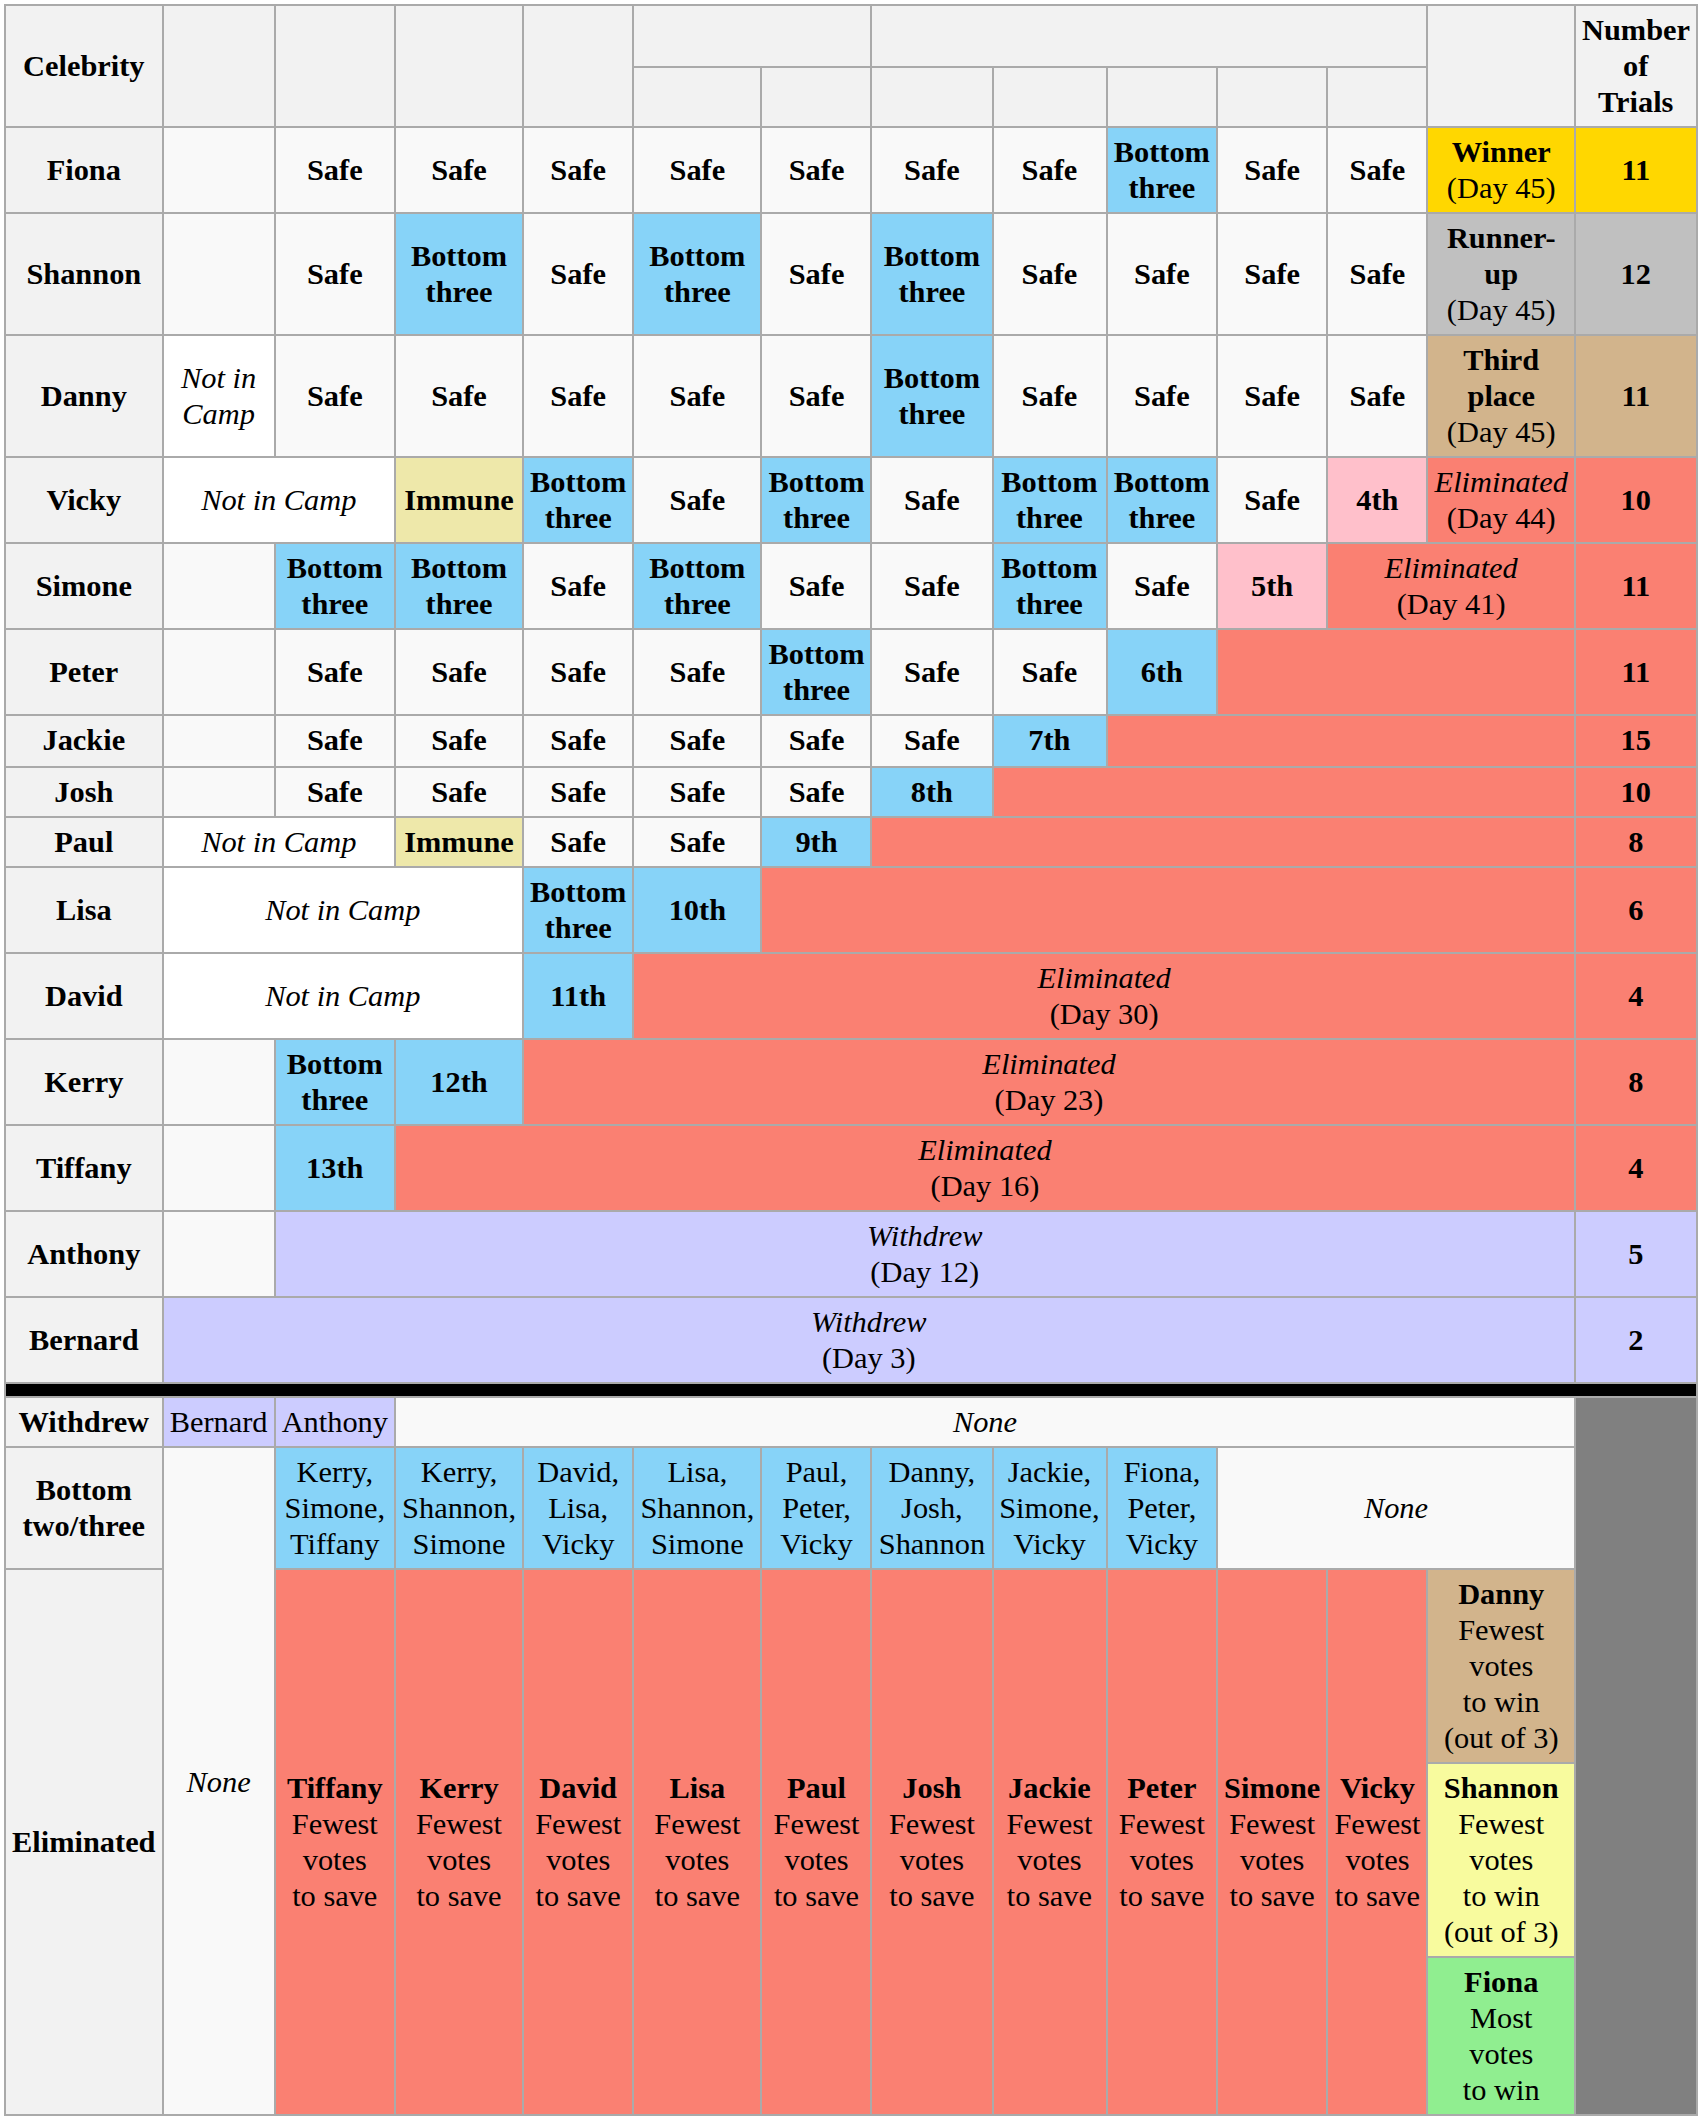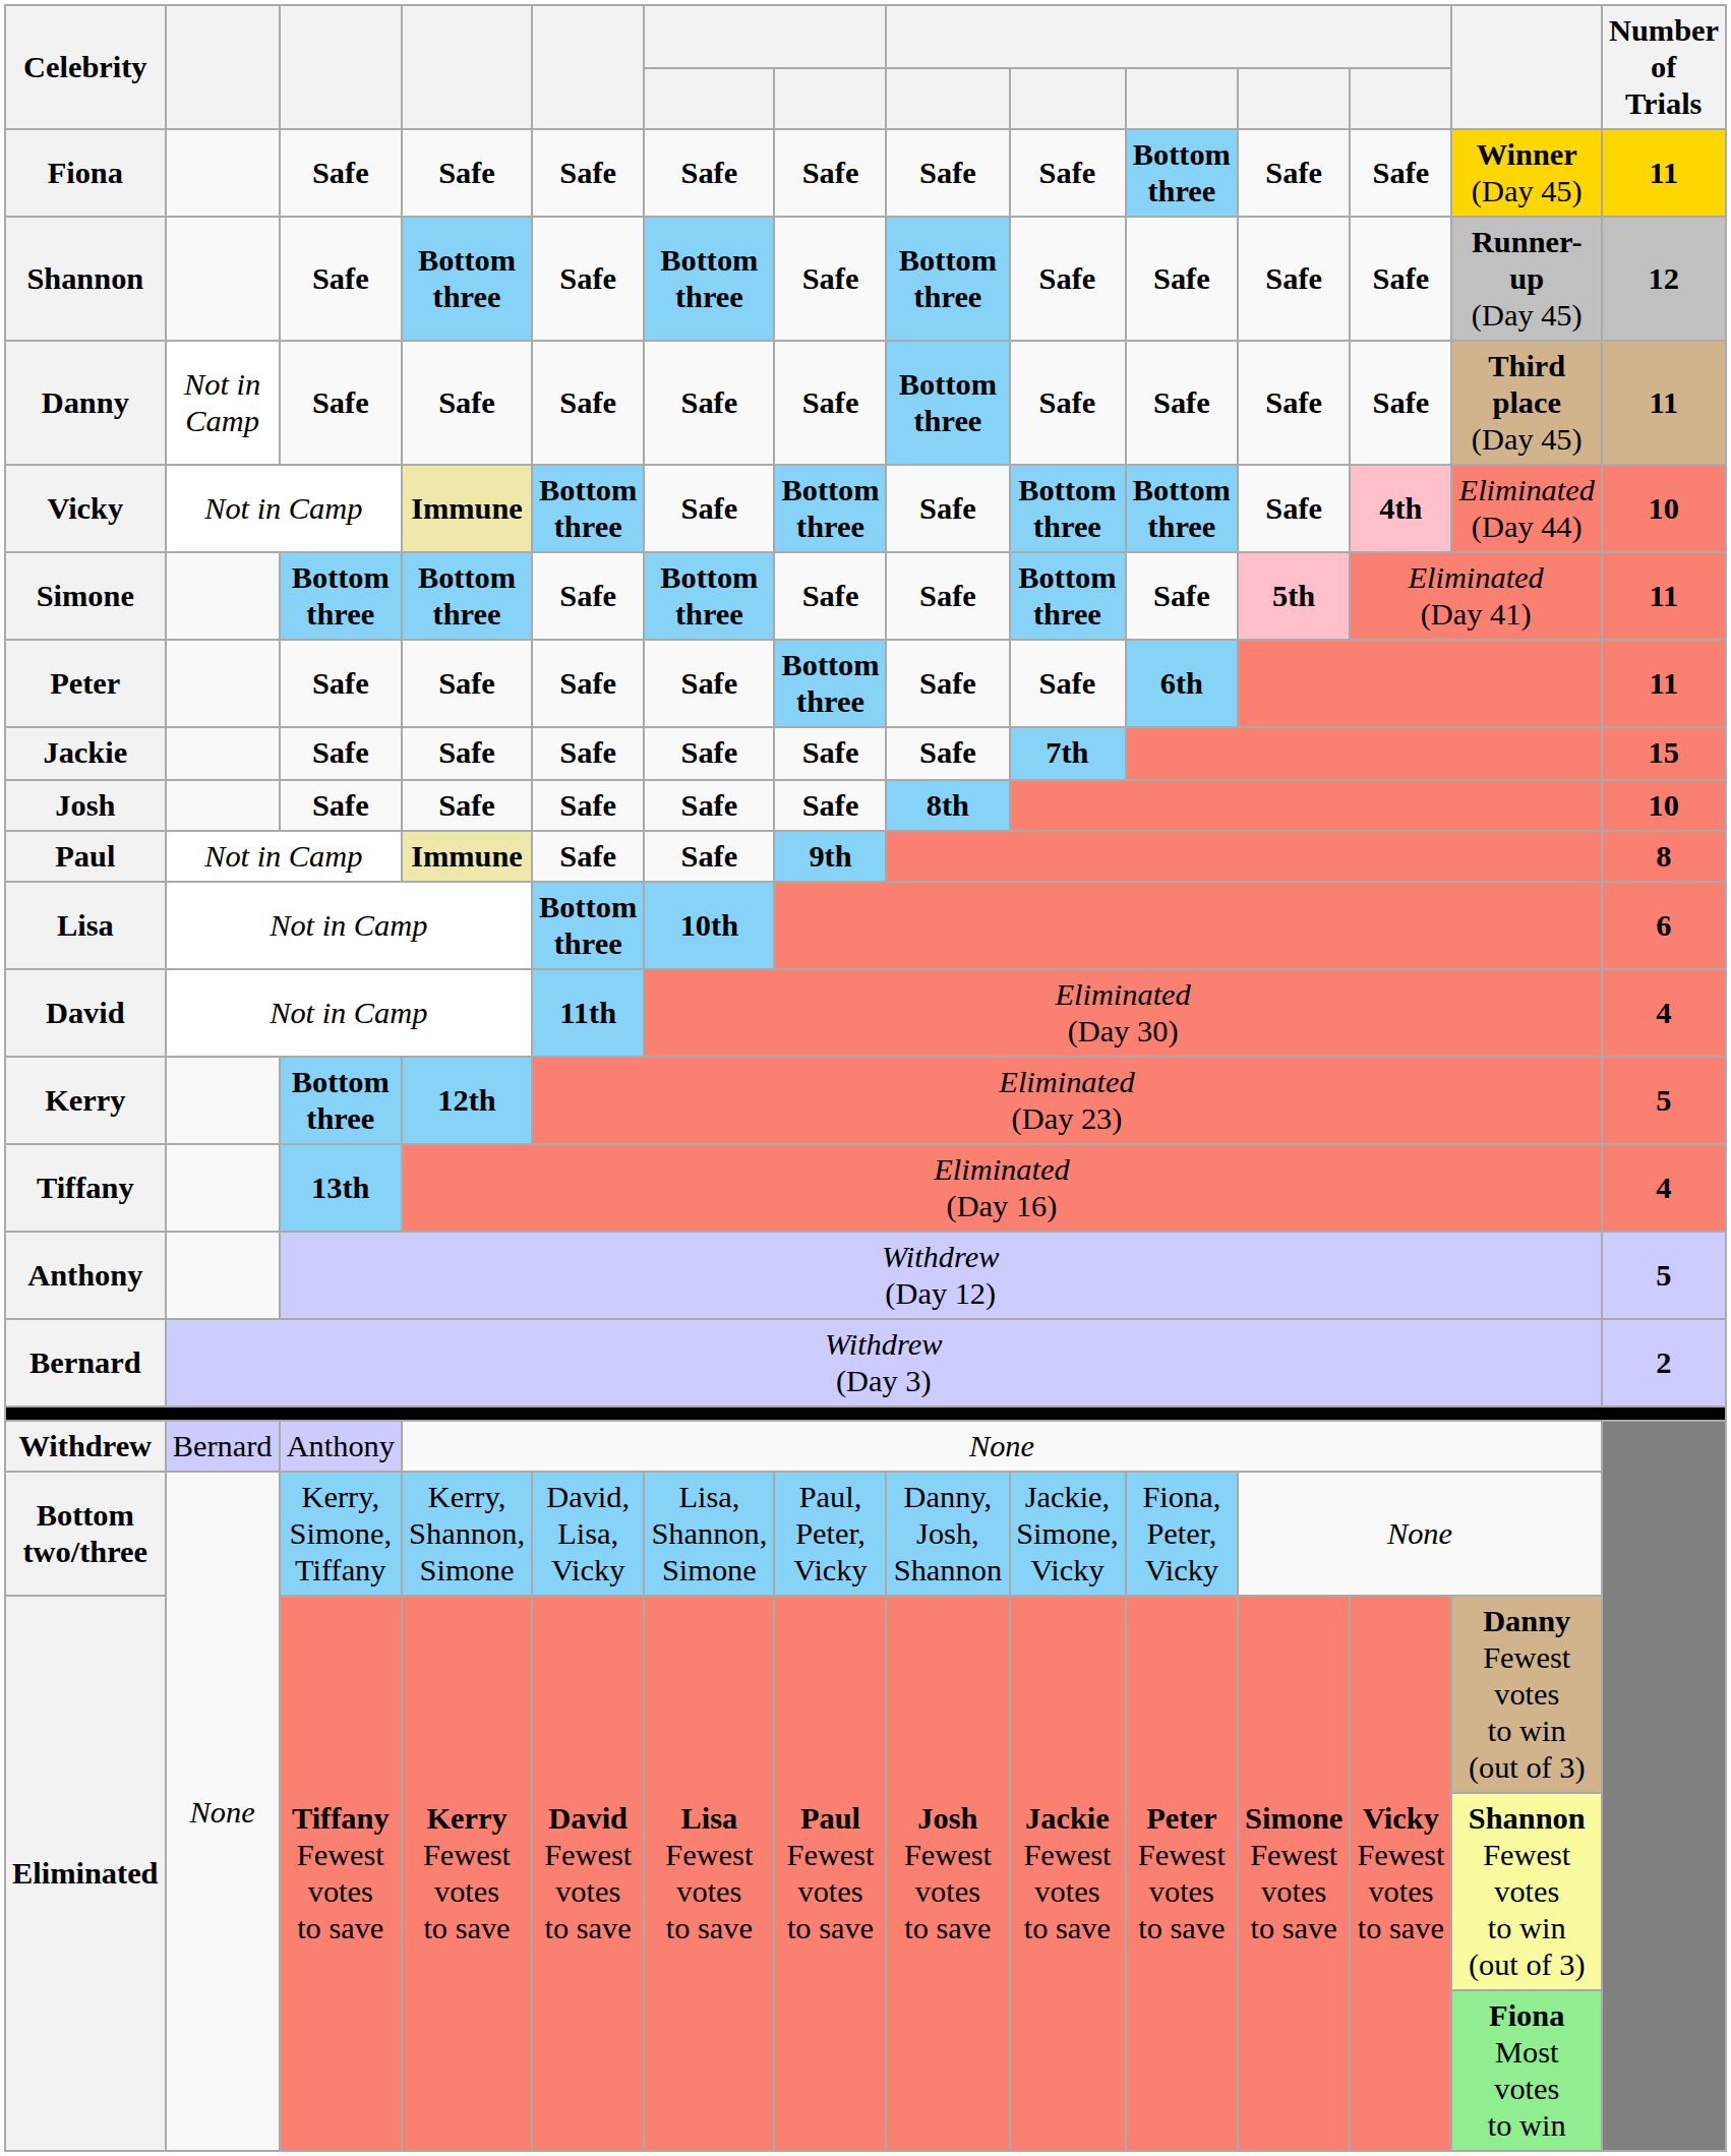 <table class="wikitable" style="text-align:center; font-size:95%; width:100%;">
 <tr>
 <th rowspan="2" style="width:8%">Celebrity</th>
 <th rowspan="2" style="width:8%"></th>
 <th rowspan="2" style="width:8%"></th>
 <th rowspan="2" style="width:8%"></th>
 <th rowspan="2" style="width:8%"></th>
 <th colspan="2" style="width:8%"></th>
 <th colspan="5" style="width:8%"></th>
 <th rowspan="2" style="width:8%"></th>
 <th rowspan="2" style="width:8%">Number of Trials</th>
 </tr>
 <tr>
 <th style="width:8%"></th>
 <th style="width:8%"></th>
 <th style="width:8%"></th>
 <th style="width:8%"></th>
 <th style="width:8%"></th>
 <th style="width:8%"></th>
 <th style="width:8%"></th>
 </tr>
 <tr>
 <th>Fiona</th>
 <td></td>
 <td><strong>Safe</strong></td>
 <td><strong>Safe</strong></td>
 <td><strong>Safe</strong></td>
 <td><strong>Safe</strong></td>
 <td><strong>Safe</strong></td>
 <td><strong>Safe</strong></td>
 <td><strong>Safe</strong></td>
 <td style="background:#87D3F8"><strong>Bottom three</strong></td>
 <td><strong>Safe</strong></td>
 <td><strong>Safe</strong></td>
 <td style=background:gold><strong>Winner</strong><br>(Day 45)</td>
 <td style=background:gold><strong>11</strong></td>
 </tr>
 <tr>
 <th>Shannon</th>
 <td></td>
 <td><strong>Safe</strong></td>
 <td style="background:#87D3F8"><strong>Bottom three</strong></td>
 <td><strong>Safe</strong></td>
 <td style="background:#87D3F8"><strong>Bottom three</strong></td>
 <td><strong>Safe</strong></td>
 <td style="background:#87D3F8"><strong>Bottom three</strong></td>
 <td><strong>Safe</strong></td>
 <td><strong>Safe</strong></td>
 <td><strong>Safe</strong></td>
 <td><strong>Safe</strong></td>
 <td style=background:silver><strong>Runner-up</strong><br>(Day 45)</td>
 <td style=background:silver><strong>12</strong></td>
 </tr>
 <tr>
 <th>Danny</th>
 <td style=background:white><em>Not in Camp</em></td>
 <td><strong>Safe</strong></td>
 <td><strong>Safe</strong></td>
 <td><strong>Safe</strong></td>
 <td><strong>Safe</strong></td>
 <td><strong>Safe</strong></td>
 <td style="background:#87D3F8"><strong>Bottom three</strong></td>
 <td><strong>Safe</strong></td>
 <td><strong>Safe</strong></td>
 <td><strong>Safe</strong></td>
 <td><strong>Safe</strong></td>
 <td style=background:tan><strong>Third place</strong><br>(Day 45)</td>
 <td Style=background:tan;><strong>11</strong></td>
 </tr>
 <tr>
 <th>Vicky</th>
 <td style=background:white colspan="2"><em>Not in Camp</em></td>
 <td bgcolor=#EEE8AA><strong>Immune</strong></td>
 <td style="background:#87D3F8"><strong>Bottom three</strong></td>
 <td><strong>Safe</strong></td>
 <td style="background:#87D3F8"><strong>Bottom three</strong></td>
 <td><strong>Safe</strong></td>
 <td style="background:#87D3F8"><strong>Bottom three</strong></td>
 <td style="background:#87D3F8"><strong>Bottom three</strong></td>
 <td><strong>Safe</strong></td>
 <td style="background:pink"><strong>4th</strong></td>
 <td style=background:salmon><em>Eliminated</em><br>(Day 44)</td>
 <th style=background:salmon>10</th>
 </tr>
 <tr>
 <th>Simone</th>
 <td></td>
 <td style="background:#87D3F8"><strong>Bottom three</strong></td>
 <td style="background:#87D3F8"><strong>Bottom three</strong></td>
 <td><strong>Safe</strong></td>
 <td style="background:#87D3F8"><strong>Bottom three</strong></td>
 <td><strong>Safe</strong></td>
 <td><strong>Safe</strong></td>
 <td style="background:#87D3F8"><strong>Bottom three</strong></td>
 <td><strong>Safe</strong></td>
 <td style="background:pink"><strong>5th</strong></td>
 <td colspan="2" style=background:salmon><em>Eliminated</em><br>(Day 41)</td>
 <th style=background:salmon>11</th>
 </tr>
 <tr>
 <th>Peter</th>
 <td></td>
 <td><strong>Safe</strong></td>
 <td><strong>Safe</strong></td>
 <td><strong>Safe</strong></td>
 <td><strong>Safe</strong></td>
 <td style="background:#87D3F8"><strong>Bottom three</strong></td>
 <td><strong>Safe</strong></td>
 <td><strong>Safe</strong></td>
 <td style="background:#87D3F8"><strong>6th</strong></td>
 <td colspan="3" style=background:salmon></td>
 <td style=background:salmon><strong>11</strong></td>
 </tr>
 <tr>
 <th>Jackie</th>
 <td></td>
 <td><strong>Safe</strong></td>
 <td><strong>Safe</strong></td>
 <td><strong>Safe</strong></td>
 <td><strong>Safe</strong></td>
 <td><strong>Safe</strong></td>
 <td><strong>Safe</strong></td>
 <td style="background:#87D3F8"><strong>7th</strong></td>
 <td colspan="4" style=background:salmon></td>
 <td style=background:salmon><strong>15</strong></td>
 </tr>
 <tr>
 <th>Josh</th>
 <td></td>
 <td><strong>Safe</strong></td>
 <td><strong>Safe</strong></td>
 <td><strong>Safe</strong></td>
 <td><strong>Safe</strong></td>
 <td><strong>Safe</strong></td>
 <td style="background:#87D3F8"><strong>8th</strong></td>
 <td colspan="5" style=background:salmon></td>
 <td style=background:salmon><strong>10</strong></td>
 </tr>
 <tr>
 <th>Paul</th>
 <td style=background:white colspan="2"><em>Not in Camp</em></td>
 <td bgcolor=#EEE8AA><strong>Immune</strong></td>
 <td><strong>Safe</strong></td>
 <td><strong>Safe</strong></td>
 <td style="background:#87D3F8"><strong>9th</strong></td>
 <td colspan="6" style=background:salmon></td>
 <td style=background:salmon><strong>8</strong></td>
 </tr>
 <tr>
 <th>Lisa</th>
 <td style=background:white colspan="3"><em>Not in Camp</em></td>
 <td style="background:#87D3F8"><strong>Bottom three</strong></td>
 <td style="background:#87D3F8"><strong>10th</strong></td>
 <td colspan="7" style=background:salmon></td>
 <td style=background:salmon><strong>6</strong></td>
 </tr>
 <tr>
 <th>David</th>
 <td style=background:white colspan="3"><em>Not in Camp</em></td>
 <td style="background:#87D3F8"><strong>11th</strong></td>
 <td colspan="8" style=background:salmon><em>Eliminated</em><br>(Day 30)</td>
 <td style=background:salmon><strong>4</strong></td>
 </tr>
 <tr>
 <th>Kerry</th>
 <td></td>
 <td style="background:#87D3F8"><strong>Bottom three</strong></td>
 <td style="background:#87D3F8"><strong>12th</strong></td>
 <td colspan="9" style=background:salmon><em>Eliminated</em><br>(Day 23)</td>
-<td style=background:salmon><strong>8</strong></td>
+<td style=background:salmon><strong>5</strong></td>
 </tr>
 <tr>
 <th>Tiffany</th>
 <td></td>
 <td style="background:#87D3F8"><strong>13th</strong></td>
 <td colspan="10" style=background:salmon><em>Eliminated</em><br>(Day 16)</td>
 <td style=background:salmon><strong>4</strong></td>
 </tr>
 <tr>
 <th>Anthony</th>
 <td></td>
 <td colspan="11" style="background:#ccf; text-align:center;"><em>Withdrew</em><br>(Day 12)</td>
 <td style=background:#ccf><strong>5</strong></td>
 </tr>
 <tr>
 <th>Bernard</th>
 <td style="background:#ccf; text-align:center;" colspan="12"><em>Withdrew</em><br>(Day 3)</td>
 <td style=background:#ccf><strong>2</strong></td>
 </tr>
 <tr>
 <td style="background:#000;" colspan="14"></td>
 </tr>
 <tr>
 <th>Withdrew</th>
 <td style="background:#ccf">Bernard</td>
 <td style="background:#ccf">Anthony</td>
 <td colspan="10"><em>None</em></td>
 <th style=background:grey rowspan=5></th>
 </tr>
 <tr>
 <th>Bottom two/three</th>
 <td rowspan="4"><em>None</em></td>
 <td style="background:#87D3F8">Kerry,<br>Simone,<br>Tiffany</td>
 <td style="background:#87D3F8">Kerry,<br>Shannon,<br>Simone</td>
 <td style="background:#87D3F8">David,<br>Lisa,<br>Vicky</td>
 <td style="background:#87D3F8">Lisa,<br>Shannon,<br>Simone</td>
 <td style="background:#87D3F8">Paul,<br>Peter,<br>Vicky</td>
 <td style="background:#87D3F8">Danny,<br>Josh,<br>Shannon</td>
 <td style="background:#87D3F8">Jackie,<br>Simone,<br>Vicky</td>
 <td style="background:#87D3F8">Fiona,<br>Peter,<br>Vicky</td>
 <td colspan="3"><em>None</em></td>
 </tr>
 <tr>
 <th rowspan=3>Eliminated</th>
 <td style=background:salmon rowspan=3><strong>Tiffany</strong><br>Fewest votes<br> to save</td>
 <td style=background:salmon rowspan=3><strong>Kerry</strong><br>Fewest votes<br> to save</td>
 <td style=background:salmon rowspan=3><strong>David</strong><br>Fewest votes<br> to save</td>
 <td style=background:salmon rowspan=3><strong>Lisa</strong><br>Fewest votes<br> to save</td>
 <td style=background:salmon rowspan=3><strong>Paul</strong><br>Fewest votes<br> to save</td>
 <td style=background:salmon rowspan=3><strong>Josh</strong><br>Fewest votes<br> to save</td>
 <td style=background:salmon rowspan=3><strong>Jackie</strong><br>Fewest votes<br> to save</td>
 <td style=background:salmon rowspan=3><strong>Peter</strong><br>Fewest votes<br> to save</td>
 <td style=background:salmon rowspan=3><strong>Simone</strong><br>Fewest votes<br> to save</td>
 <td style=background:salmon rowspan=3><strong>Vicky</strong><br>Fewest votes<br> to save</td>
 <td style=background:tan><strong>Danny</strong><br>Fewest votes <br>to win<br>(out of 3)</td>
 </tr>
 <tr>
 <td style=background:#F8FB9E><strong>Shannon</strong><br>Fewest votes <br>to win <br>(out of 3)</td>
 </tr>
 <tr>
 <td style=background:lightgreen><strong>Fiona</strong><br>Most votes <br>to win</td>
 </tr>
 </table>
